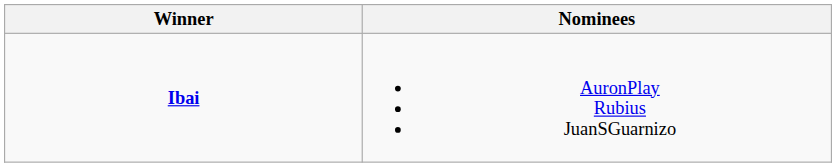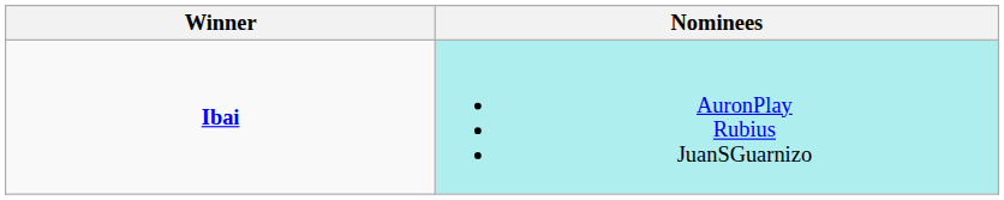 <table class="wikitable" style="text-align:center;">
 <tr>
 <th scope="col" style="width:19em;">Winner</th>
 <th scope="col" style="width:25em;">Nominees</th>
 </tr>
 <tr>
 <td><strong> <a href='#'>Ibai</a></strong></td>
-<td><br><ul><li> <a href='#'>AuronPlay</a></li><li> <a href='#'>Rubius</a></li><li> JuanSGuarnizo</li></ul></td>
+<td style="background: paleturquoise;"><br><ul><li> <a href='#'>AuronPlay</a></li><li> <a href='#'>Rubius</a></li><li> JuanSGuarnizo</li></ul></td>
 </tr>
 </table>
